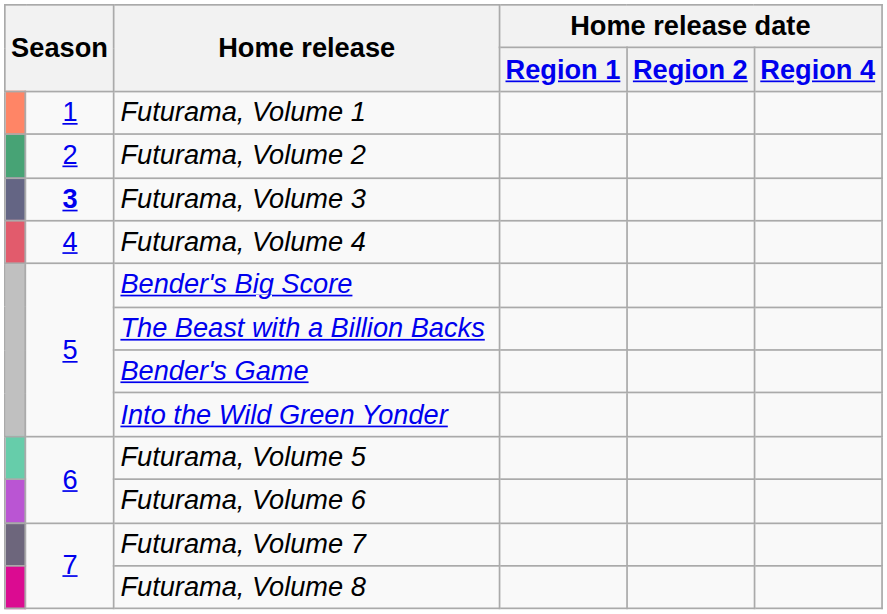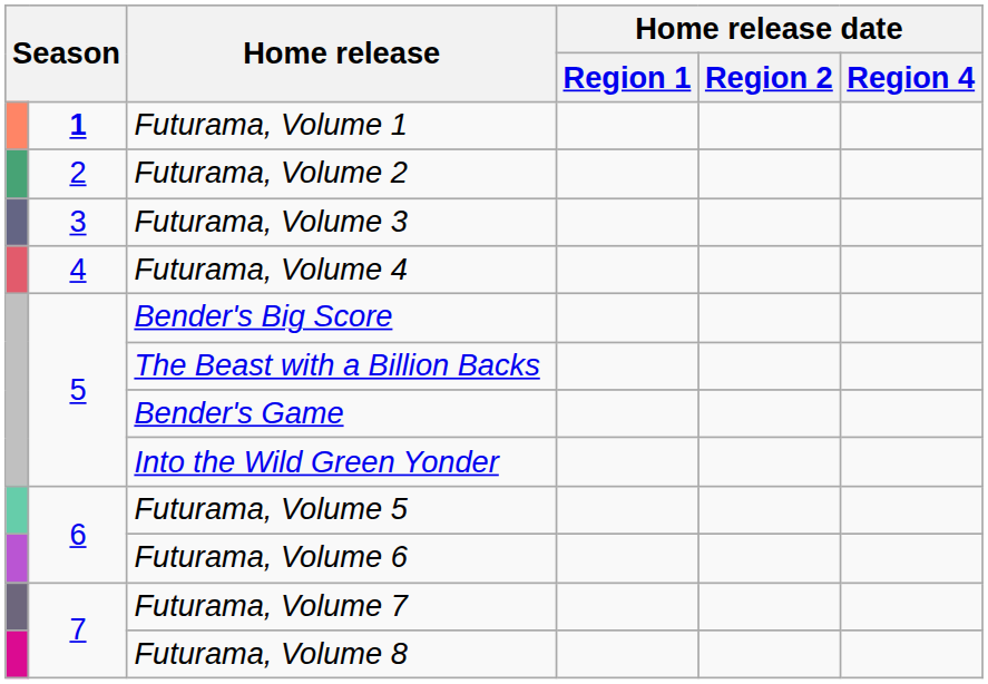 <table class="wikitable plainrowheaders" style="text-align:center;">
 <tr>
 <th scope="col" colspan="2" rowspan="2">Season</th>
 <th rowspan="2">Home release</th>
 <th colspan="3">Home release date</th>
 </tr>
 <tr>
 <th scope="col"><a href='#'>Region 1</a></th>
 <th scope="col"><a href='#'>Region 2</a></th>
 <th scope="col"><a href='#'>Region 4</a></th>
 </tr>
 <tr>
 <td bgcolor="#FF8566" style="width:5px"></td>
-<td><a href='#'>1</a></td>
+<td><strong><a href='#'>1</a></strong></td>
 <td align="left"><em>Futurama, Volume 1</em></td>
 <td></td>
 <td></td>
 <td></td>
 </tr>
 <tr>
 <td bgcolor="#47A375"></td>
 <td><a href='#'>2</a></td>
 <td align="left"><em>Futurama, Volume 2</em></td>
 <td></td>
 <td style="padding: 0px 8px"></td>
 <td></td>
 </tr>
 <tr>
 <td bgcolor="#646584"></td>
-<td><strong><a href='#'>3</a></strong></td>
+<td><a href='#'>3</a></td>
 <td align="left"><em>Futurama, Volume 3</em></td>
 <td></td>
 <td></td>
 <td style="padding: 0px 8px"></td>
 </tr>
 <tr>
 <td bgcolor="#E25B6C"></td>
 <td><a href='#'>4</a></td>
 <td align="left"><em>Futurama, Volume 4</em></td>
 <td></td>
 <td></td>
 <td></td>
 </tr>
 <tr>
 <td bgcolor="#C0C0C0" rowspan="4"></td>
 <td rowspan="4"><a href='#'>5</a></td>
 <td align="left"><em><a href='#'>Bender's Big Score</a></em></td>
 <td style="padding: 0px 8px"></td>
 <td></td>
 <td></td>
 </tr>
 <tr>
 <td style="padding-right: 8px" align="left"><em><a href='#'>The Beast with a Billion Backs</a></em></td>
 <td></td>
 <td></td>
 <td></td>
 </tr>
 <tr>
 <td align="left"><em><a href='#'>Bender's Game</a></em></td>
 <td></td>
 <td></td>
 <td></td>
 </tr>
 <tr>
 <td align="left"><em><a href='#'>Into the Wild Green Yonder</a></em></td>
 <td></td>
 <td></td>
 <td></td>
 </tr>
 <tr>
 <td bgcolor="#66CDAA"></td>
 <td rowspan="2"><a href='#'>6</a></td>
 <td align="left"><em>Futurama, Volume 5</em></td>
 <td></td>
 <td></td>
 <td></td>
 </tr>
 <tr>
 <td bgcolor="#BA55D3"></td>
 <td align="left"><em>Futurama, Volume 6</em></td>
 <td></td>
 <td></td>
 <td></td>
 </tr>
 <tr>
 <td bgcolor="#6D667C"></td>
 <td rowspan="2"><a href='#'>7</a></td>
 <td align="left"><em>Futurama, Volume 7</em></td>
 <td></td>
 <td></td>
 <td></td>
 </tr>
 <tr>
 <td bgcolor="#DB0B91"></td>
 <td align="left"><em>Futurama, Volume 8</em></td>
 <td></td>
 <td></td>
 <td></td>
 </tr>
 </table>
